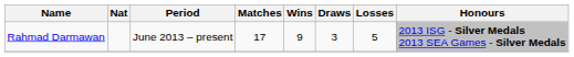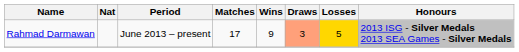 <table class="wikitable">
 <tr>
 <th>Name</th>
 <th>Nat</th>
 <th>Period</th>
 <th>Matches</th>
 <th>Wins</th>
 <th>Draws</th>
 <th>Losses</th>
 <th>Honours</th>
 </tr>
 <tr>
 <td><a href='#'>Rahmad Darmawan</a></td>
 <td align="center"></td>
 <td align="center">June 2013 – present</td>
 <td align="center">17</td>
 <td align="center">9</td>
-<td align="center">3</td>
-<td align="center">5</td>
+<td align="center" style="background: lightsalmon;">3</td>
+<td align="center" style="background: gold;">5</td>
 <td style=background:silver><a href='#'>2013 ISG</a> - <strong>Silver Medals</strong> <br> <a href='#'>2013 SEA Games</a> - <strong>Silver Medals</strong></td>
 </tr>
 <tr>
 </tr>
 </table>
